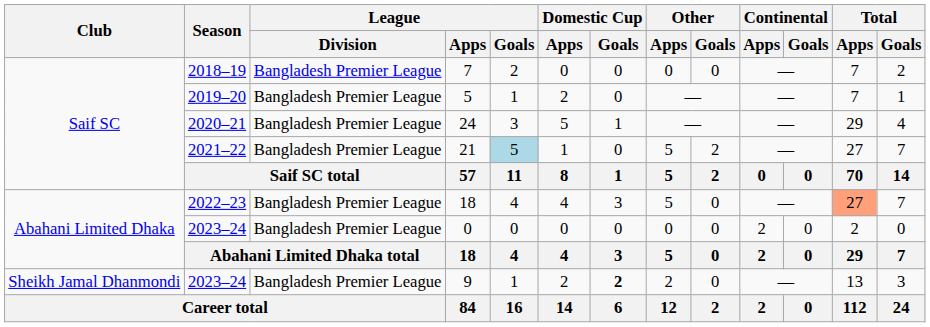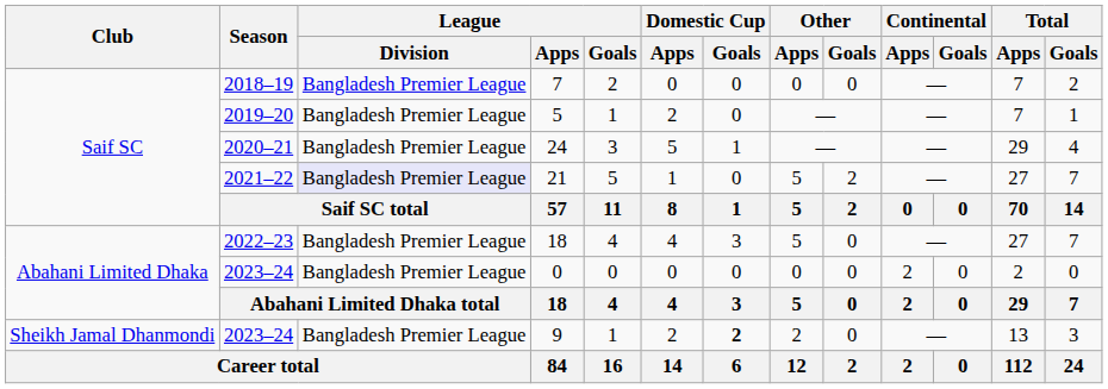 <table class="wikitable" style="text-align:center">
 <tr>
 <th rowspan="2">Club</th>
 <th rowspan="2">Season</th>
 <th colspan="3">League</th>
 <th colspan="2">Domestic Cup</th>
 <th colspan="2">Other</th>
 <th colspan="2">Continental</th>
 <th colspan="2">Total</th>
 </tr>
 <tr>
 <th>Division</th>
 <th>Apps</th>
 <th>Goals</th>
 <th>Apps</th>
 <th>Goals</th>
 <th>Apps</th>
 <th>Goals</th>
 <th>Apps</th>
 <th>Goals</th>
 <th>Apps</th>
 <th>Goals</th>
 </tr>
 <tr>
 <td rowspan=5><a href='#'>Saif SC</a></td>
 <td><a href='#'>2018–19</a></td>
 <td><a href='#'>Bangladesh Premier League</a></td>
 <td>7</td>
 <td>2</td>
 <td>0</td>
 <td>0</td>
 <td>0</td>
 <td>0</td>
 <td colspan="2">—</td>
 <td>7</td>
 <td>2</td>
 </tr>
 <tr>
 <td><a href='#'>2019–20</a></td>
 <td>Bangladesh Premier League</td>
 <td>5</td>
 <td>1</td>
 <td>2</td>
 <td>0</td>
 <td colspan="2">—</td>
 <td colspan="2">—</td>
 <td>7</td>
 <td>1</td>
 </tr>
 <tr>
 <td><a href='#'>2020–21</a></td>
 <td>Bangladesh Premier League</td>
 <td>24</td>
 <td>3</td>
 <td>5</td>
 <td>1</td>
 <td colspan="2">—</td>
 <td colspan="2">—</td>
 <td>29</td>
 <td>4</td>
 </tr>
 <tr>
 <td><a href='#'>2021–22</a></td>
-<td>Bangladesh Premier League</td>
+<td style="background: lavender;">Bangladesh Premier League</td>
 <td>21</td>
-<td style="background: lightblue;">5</td>
+<td>5</td>
 <td>1</td>
 <td>0</td>
 <td>5</td>
 <td>2</td>
 <td colspan="2">—</td>
 <td>27</td>
 <td>7</td>
 </tr>
 <tr>
 <th colspan="2"><strong>Saif SC total</strong></th>
 <th>57</th>
 <th>11</th>
 <th>8</th>
 <th>1</th>
 <th>5</th>
 <th>2</th>
 <th>0</th>
 <th>0</th>
 <th>70</th>
 <th>14</th>
 </tr>
 <tr>
 <td rowspan=3><a href='#'>Abahani Limited Dhaka</a></td>
 <td><a href='#'>2022–23</a></td>
 <td>Bangladesh Premier League</td>
 <td>18</td>
 <td>4</td>
 <td>4</td>
 <td>3</td>
 <td>5</td>
 <td>0</td>
 <td colspan="2">—</td>
-<td style="background: lightsalmon;">27</td>
+<td>27</td>
 <td>7</td>
 </tr>
 <tr>
 <td><a href='#'>2023–24</a></td>
 <td>Bangladesh Premier League</td>
 <td>0</td>
 <td>0</td>
 <td>0</td>
 <td>0</td>
 <td>0</td>
 <td>0</td>
 <td>2</td>
 <td>0</td>
 <td>2</td>
 <td>0</td>
 </tr>
 <tr>
 <th colspan="2"><strong>Abahani Limited Dhaka total</strong></th>
 <th>18</th>
 <th>4</th>
 <th>4</th>
 <th>3</th>
 <th>5</th>
 <th>0</th>
 <th>2</th>
 <th>0</th>
 <th>29</th>
 <th>7</th>
 </tr>
 <tr>
 <td><a href='#'>Sheikh Jamal Dhanmondi</a></td>
 <td><a href='#'>2023–24</a></td>
 <td>Bangladesh Premier League</td>
 <td>9</td>
 <td>1</td>
 <td>2</td>
 <td><strong>2</strong></td>
 <td>2</td>
 <td>0</td>
 <td colspan="2">—</td>
 <td>13</td>
 <td>3</td>
 </tr>
 <tr>
 <th colspan="3">Career total</th>
 <th>84</th>
 <th>16</th>
 <th>14</th>
 <th>6</th>
 <th>12</th>
 <th>2</th>
 <th>2</th>
 <th>0</th>
 <th>112</th>
 <th>24</th>
 </tr>
 </table>
